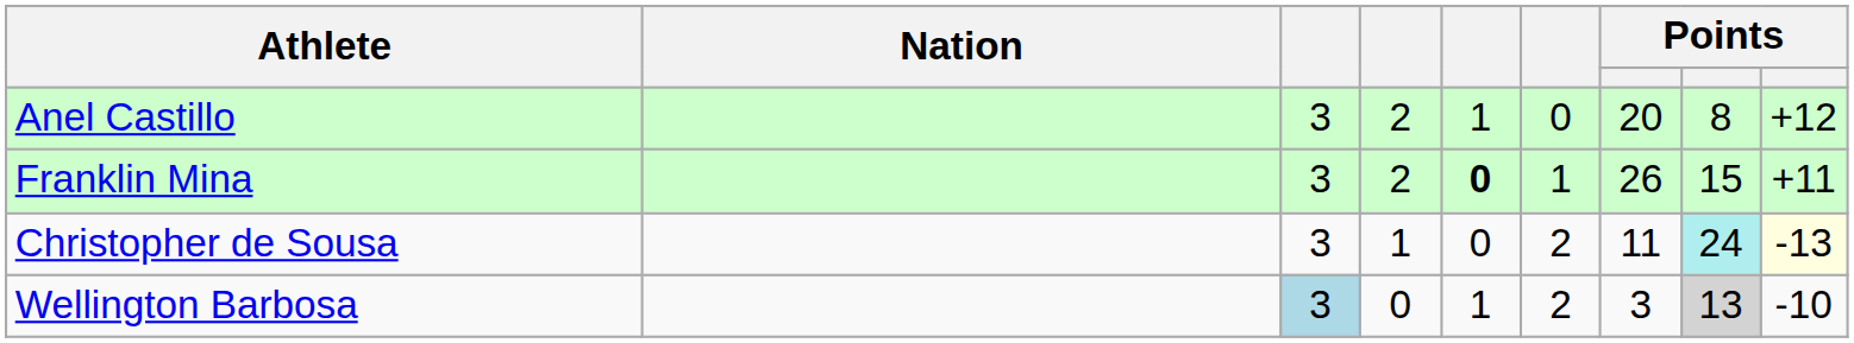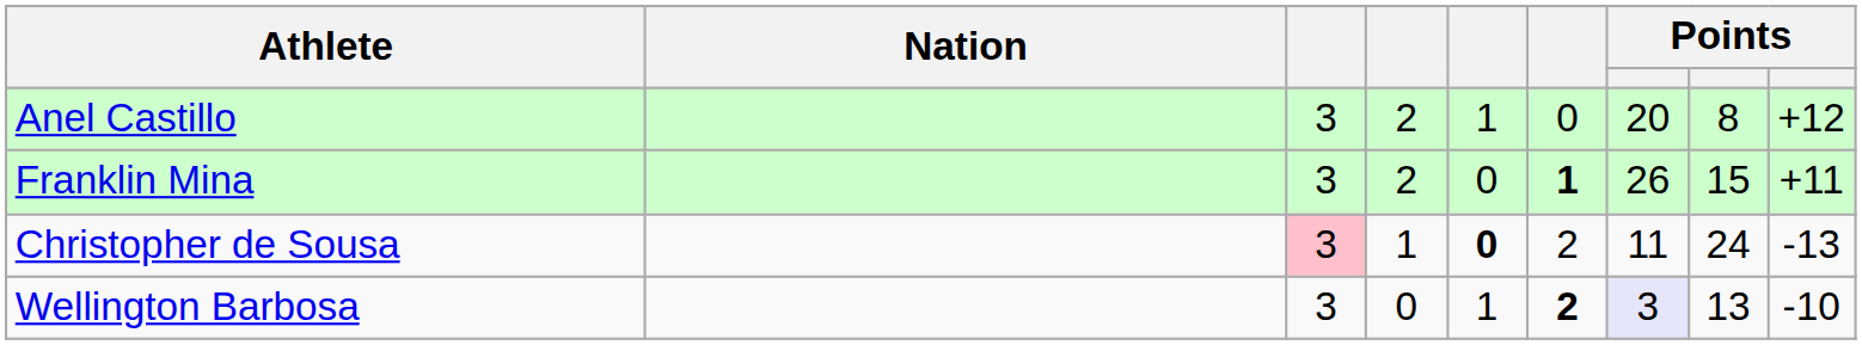 <table class="wikitable" style="text-align: center; font-size:100% ">
 <tr>
 <th rowspan=2 width=250>Athlete</th>
 <th rowspan=2 width=250>Nation</th>
 <th rowspan=2 width=25></th>
 <th rowspan=2 width=25></th>
 <th rowspan=2 width=25></th>
 <th rowspan=2 width=25></th>
 <th colspan=3>Points</th>
 </tr>
 <tr>
 <th width=25></th>
 <th width=25></th>
 <th width=25></th>
 </tr>
 <tr bgcolor="ccffcc">
 <td align=left><a href='#'>Anel Castillo</a></td>
 <td align=left></td>
 <td>3</td>
 <td>2</td>
 <td>1</td>
 <td>0</td>
 <td>20</td>
 <td>8</td>
 <td>+12</td>
 </tr>
 <tr bgcolor="ccffcc">
 <td align=left><a href='#'>Franklin Mina</a></td>
 <td align=left></td>
 <td>3</td>
 <td>2</td>
-<td><strong>0</strong></td>
-<td>1</td>
+<td>0</td>
+<td><strong>1</strong></td>
 <td>26</td>
 <td>15</td>
 <td>+11</td>
 </tr>
 <tr>
 <td align=left><a href='#'>Christopher de Sousa</a></td>
 <td align=left></td>
-<td>3</td>
+<td style="background: pink;">3</td>
 <td>1</td>
-<td>0</td>
+<td><strong>0</strong></td>
 <td>2</td>
 <td>11</td>
-<td style="background: paleturquoise;">24</td>
-<td style="background: lightyellow;">-13</td>
+<td>24</td>
+<td>-13</td>
 </tr>
 <tr>
 <td align=left><a href='#'>Wellington Barbosa</a></td>
 <td align=left></td>
-<td style="background: lightblue;">3</td>
+<td>3</td>
 <td>0</td>
 <td>1</td>
-<td>2</td>
-<td>3</td>
-<td style="background: lightgrey;">13</td>
+<td><strong>2</strong></td>
+<td style="background: lavender;">3</td>
+<td>13</td>
 <td>-10</td>
 </tr>
 </table>
